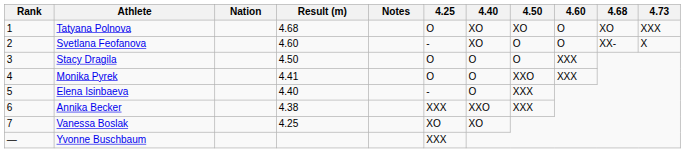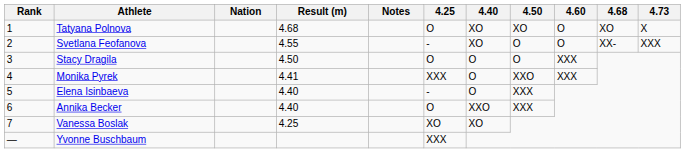 <table class="wikitable" style="text=align:center;" width=85%>
 <tr>
 <th>Rank</th>
 <th>Athlete</th>
 <th>Nation</th>
 <th>Result (m)</th>
 <th>Notes</th>
 <th>4.25</th>
 <th>4.40</th>
 <th>4.50</th>
 <th>4.60</th>
 <th>4.68</th>
 <th>4.73</th>
 </tr>
 <tr>
 <td>1</td>
 <td><a href='#'>Tatyana Polnova</a></td>
 <td></td>
 <td>4.68</td>
 <td></td>
 <td>O</td>
 <td>XO</td>
 <td>XO</td>
 <td>O</td>
 <td>XO</td>
-<td>XXX</td>
+<td>X</td>
 </tr>
 <tr>
 <td>2</td>
 <td><a href='#'>Svetlana Feofanova</a></td>
 <td></td>
-<td>4.60</td>
+<td>4.55</td>
 <td></td>
 <td>-</td>
 <td>XO</td>
 <td>O</td>
 <td>O</td>
 <td>XX-</td>
-<td>X</td>
+<td>XXX</td>
 </tr>
 <tr>
 <td>3</td>
 <td><a href='#'>Stacy Dragila</a></td>
 <td></td>
 <td>4.50</td>
 <td></td>
 <td>O</td>
 <td>O</td>
 <td>O</td>
 <td>XXX</td>
 </tr>
 <tr>
 <td>4</td>
 <td><a href='#'>Monika Pyrek</a></td>
 <td></td>
 <td>4.41</td>
 <td></td>
-<td>O</td>
+<td>XXX</td>
 <td>O</td>
 <td>XXO</td>
 <td>XXX</td>
 </tr>
 <tr>
 <td>5</td>
 <td><a href='#'>Elena Isinbaeva</a></td>
 <td></td>
 <td>4.40</td>
 <td></td>
 <td>-</td>
 <td>O</td>
 <td>XXX</td>
 </tr>
 <tr>
 <td>6</td>
 <td><a href='#'>Annika Becker</a></td>
 <td></td>
-<td>4.38</td>
+<td>4.40</td>
 <td></td>
-<td>XXX</td>
+<td>O</td>
 <td>XXO</td>
 <td>XXX</td>
 </tr>
 <tr>
 <td>7</td>
 <td><a href='#'>Vanessa Boslak</a></td>
 <td></td>
 <td>4.25</td>
 <td></td>
 <td>XO</td>
 <td>XO</td>
 </tr>
 <tr>
 <td>—</td>
 <td><a href='#'>Yvonne Buschbaum</a></td>
 <td></td>
 <td></td>
 <td></td>
 <td>XXX</td>
 </tr>
 </table>
